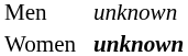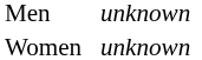 <table>
 <tr>
 <td>Men</td>
 <td></td>
 <td></td>
 <td><em>unknown</em></td>
 </tr>
 <tr>
 <td>Women</td>
 <td></td>
 <td></td>
-<td><strong><em>unknown</em></strong></td>
+<td><em>unknown</em></td>
 </tr>
 </table>
